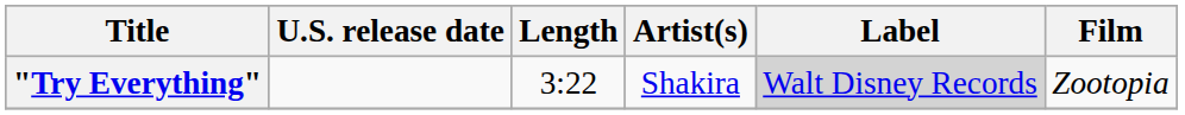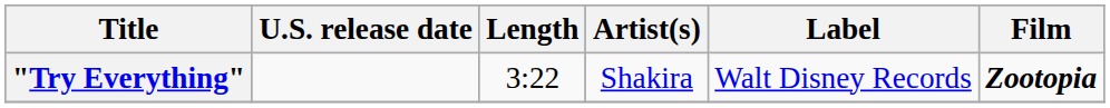 <table class="wikitable plainrowheaders" style="text-align: center;">
 <tr>
 <th scope="col">Title</th>
 <th scope="col">U.S. release date</th>
 <th scope="col">Length</th>
 <th scope="col">Artist(s)</th>
 <th scope="col">Label</th>
 <th scope="col">Film</th>
 </tr>
 <tr>
 <th scope="row">"<a href='#'>Try Everything</a>"</th>
 <td></td>
 <td>3:22</td>
 <td style="text-align: center;"><a href='#'>Shakira</a></td>
-<td style="background: lightgrey; text-align: center;"><a href='#'>Walt Disney Records</a></td>
-<td style="text-align: center;"><em>Zootopia</em></td>
+<td style="text-align: center;"><a href='#'>Walt Disney Records</a></td>
+<td style="text-align: center;"><strong><em>Zootopia</em></strong></td>
 </tr>
 <tr>
 </tr>
 </table>
